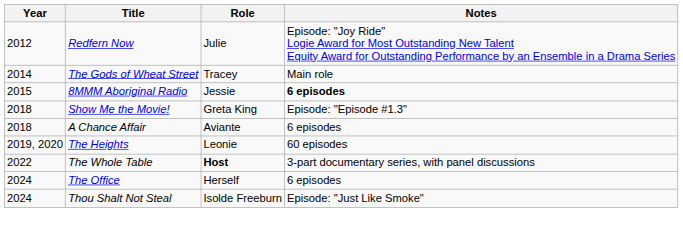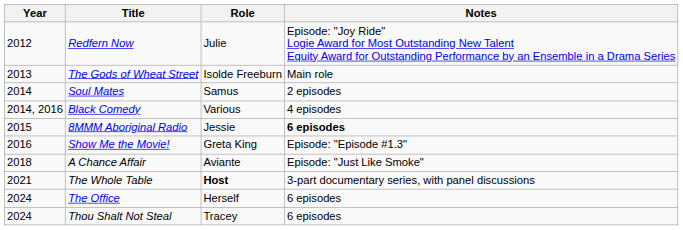 <table class="wikitable sortable">
 <tr>
 <th>Year</th>
 <th>Title</th>
 <th>Role</th>
 <th class="unsortable">Notes</th>
 </tr>
 <tr>
 <td>2012</td>
 <td><em><a href='#'>Redfern Now</a></em></td>
 <td>Julie</td>
 <td>Episode: "Joy Ride"<br><a href='#'>Logie Award for Most Outstanding New Talent</a><br><a href='#'>Equity Award for Outstanding Performance by an Ensemble in a Drama Series</a></td>
 </tr>
 <tr>
+<td>2013</td>
+<td><em><a href='#'>The Gods of Wheat Street</a></em></td>
+<td>Isolde Freeburn</td>
+<td>Main role</td>
+</tr>
+<tr>
 <td>2014</td>
-<td><em><a href='#'>The Gods of Wheat Street</a></em></td>
-<td>Tracey</td>
-<td>Main role</td>
+<td><em><a href='#'>Soul Mates</a></em></td>
+<td>Samus</td>
+<td>2 episodes</td>
+</tr>
+<tr>
+<td>2014, 2016</td>
+<td><em><a href='#'>Black Comedy</a></em></td>
+<td>Various</td>
+<td>4 episodes</td>
 </tr>
 <tr>
 <td>2015</td>
 <td><em><a href='#'>8MMM Aboriginal Radio</a></em></td>
 <td>Jessie</td>
 <td><strong>6 episodes</strong></td>
 </tr>
 <tr>
-<td>2018</td>
+<td>2016</td>
 <td><em><a href='#'>Show Me the Movie!</a></em></td>
 <td>Greta King</td>
 <td>Episode: "Episode #1.3"</td>
 </tr>
 <tr>
 <td>2018</td>
 <td><em>A Chance Affair</em></td>
 <td>Aviante</td>
-<td>6 episodes<br>           </td>
+<td>Episode: "Just Like Smoke"</td>
 </tr>
 <tr>
-<td>2019, 2020</td>
-<td><em><a href='#'>The Heights</a></em></td>
-<td>Leonie</td>
-<td>60 episodes</td>
-</tr>
-<tr>
-<td>2022</td>
+<td>2021</td>
 <td><em>The Whole Table</em></td>
 <td><strong>Host</strong></td>
 <td>3-part documentary series, with panel discussions</td>
 </tr>
 <tr>
 <td>2024</td>
 <td><em><a href='#'>The Office</a></em></td>
 <td>Herself</td>
 <td>6 episodes</td>
 </tr>
 <tr>
 <td>2024</td>
 <td><em>Thou Shalt Not Steal</em></td>
-<td>Isolde Freeburn</td>
-<td>Episode: "Just Like Smoke"</td>
+<td>Tracey</td>
+<td>6 episodes<br>           </td>
 </tr>
 </table>
